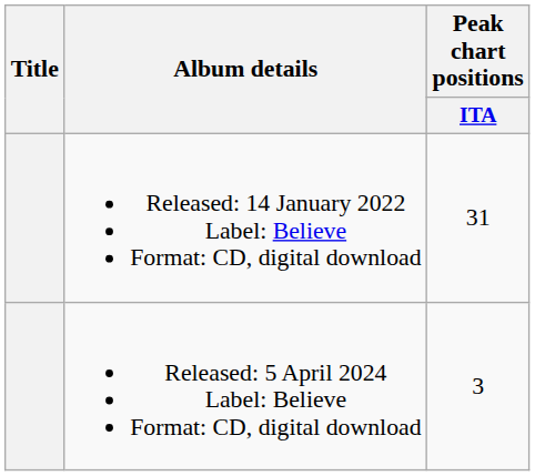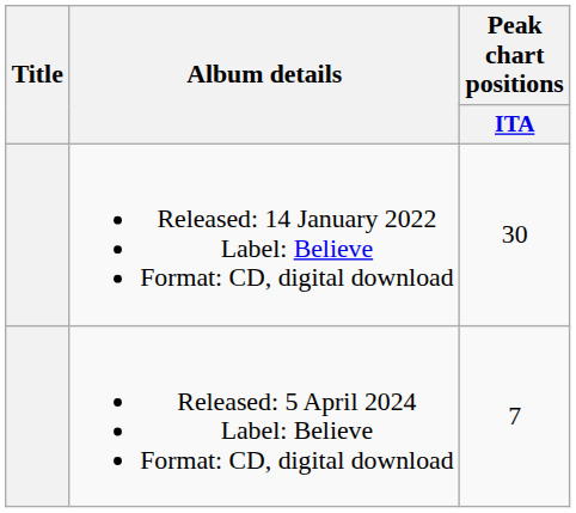 <table class="wikitable plainrowheaders" style="text-align:center;">
 <tr>
 <th scope="col" rowspan="2">Title</th>
 <th scope="col" rowspan="2">Album details</th>
 <th scope="col" colspan="1">Peak chart positions</th>
 </tr>
 <tr>
 <th scope="col" style="width:3em;font-size:90%;"><a href='#'>ITA</a><br></th>
 </tr>
 <tr>
 <th scope="row"><br></th>
 <td><br><ul><li>Released: 14 January 2022</li><li>Label: <a href='#'>Believe</a></li><li>Format: CD, digital download</li></ul></td>
-<td>31</td>
+<td>30</td>
 </tr>
 <tr>
 <th scope="row"></th>
 <td><br><ul><li>Released: 5 April 2024</li><li>Label: Believe</li><li>Format: CD, digital download</li></ul></td>
-<td>3<br></td>
+<td>7<br></td>
 </tr>
 </table>
